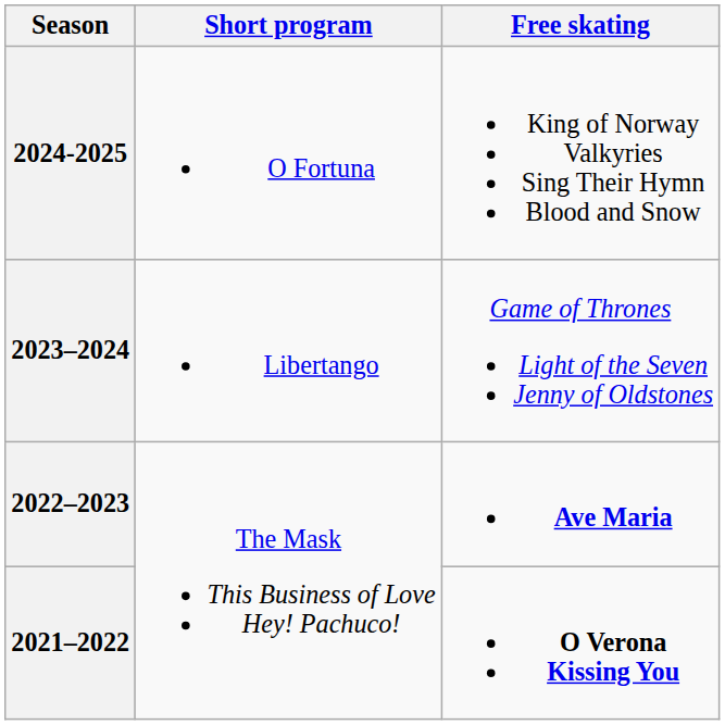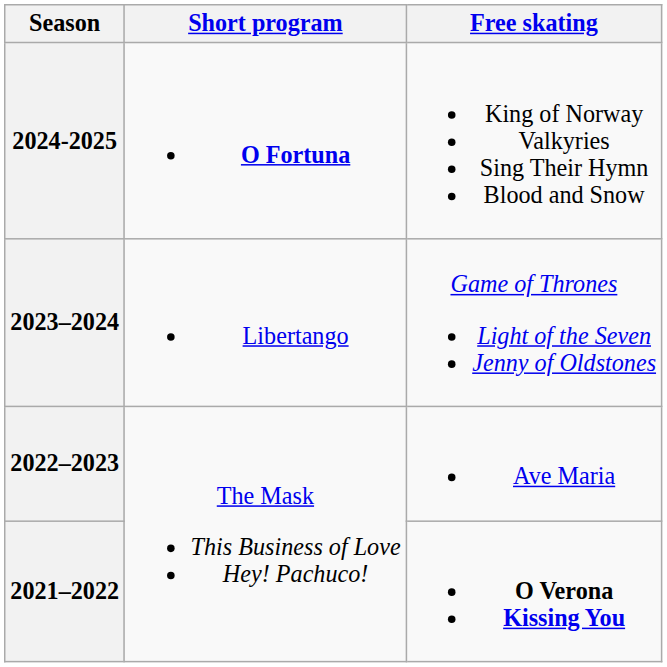 <table class=wikitable style=text-align:center>
 <tr>
 <th>Season</th>
 <th><a href='#'>Short program</a></th>
 <th><a href='#'>Free skating</a></th>
 </tr>
 <tr>
 <th>2024-2025</th>
-<td><br><ul><li><a href='#'>O Fortuna</a><br></li></ul></td>
+<td><strong><br><ul><li><a href='#'>O Fortuna</a><br></li></ul></strong></td>
 <td><br><ul><li>King of Norway</li><li>Valkyries</li><li>Sing Their Hymn</li><li>Blood and Snow<br></li></ul></td>
 </tr>
 <tr>
 <th>2023–2024</th>
 <td><br><ul><li><a href='#'>Libertango</a><br></li></ul></td>
 <td><br><em><a href='#'>Game of Thrones</a><ul><li><a href='#'>Light of the Seven</a><br></li><li><a href='#'>Jenny of Oldstones</a><br></li></ul></td>
 </tr>
 <tr>
 <th>2022–2023</th>
 <td rowspan=2><br></em><a href='#'>The Mask</a><em><ul><li>This Business of Love <br> </li><li>Hey! Pachuco! <br> </li></ul></td>
-<td><strong><br><ul><li><a href='#'>Ave Maria</a><br></li></ul></strong></td>
+<td><br><ul><li><a href='#'>Ave Maria</a><br></li></ul></td>
 </tr>
 <tr>
 <th>2021–2022 <br> </th>
 <td><strong><br><ul><li>O Verona <br> </li><li><a href='#'>Kissing You</a> <br> </li></ul></strong></td>
 </tr>
 </table>
